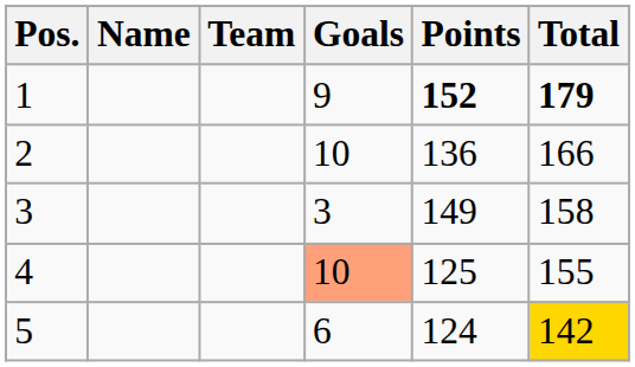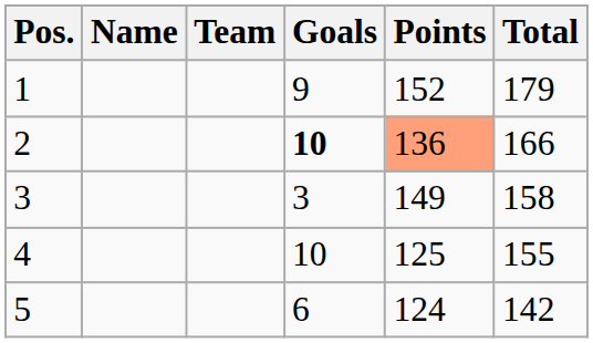 <table class="wikitable sortable">
 <tr>
 </tr>
 <tr>
 <th>Pos.</th>
 <th>Name</th>
 <th>Team</th>
 <th>Goals</th>
 <th>Points</th>
 <th>Total</th>
 </tr>
 <tr>
 <td>1</td>
 <td></td>
 <td></td>
 <td>9</td>
-<td><strong>152</strong></td>
-<td><strong>179</strong></td>
+<td>152</td>
+<td>179</td>
 </tr>
 <tr>
 <td>2</td>
 <td></td>
 <td></td>
-<td>10</td>
-<td>136</td>
+<td><strong>10</strong></td>
+<td style="background: lightsalmon;">136</td>
 <td>166</td>
 </tr>
 <tr>
 <td>3</td>
 <td></td>
 <td></td>
 <td>3</td>
 <td>149</td>
 <td>158</td>
 </tr>
 <tr>
 <td>4</td>
 <td></td>
 <td></td>
-<td style="background: lightsalmon;">10</td>
+<td>10</td>
 <td>125</td>
 <td>155</td>
 </tr>
 <tr>
 <td>5</td>
 <td></td>
 <td></td>
 <td>6</td>
 <td>124</td>
-<td style="background: gold;">142</td>
+<td>142</td>
 </tr>
 </table>
